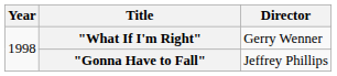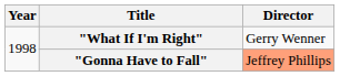 <table class="wikitable plainrowheaders">
 <tr>
 <th>Year</th>
 <th style="width:14em;">Title</th>
 <th>Director</th>
 </tr>
 <tr>
 <td rowspan="2">1998</td>
 <th scope="row">"What If I'm Right"</th>
 <td>Gerry Wenner</td>
 </tr>
 <tr>
 <th scope="row">"Gonna Have to Fall"</th>
-<td>Jeffrey Phillips</td>
+<td style="background: lightsalmon;">Jeffrey Phillips</td>
 </tr>
 </table>
